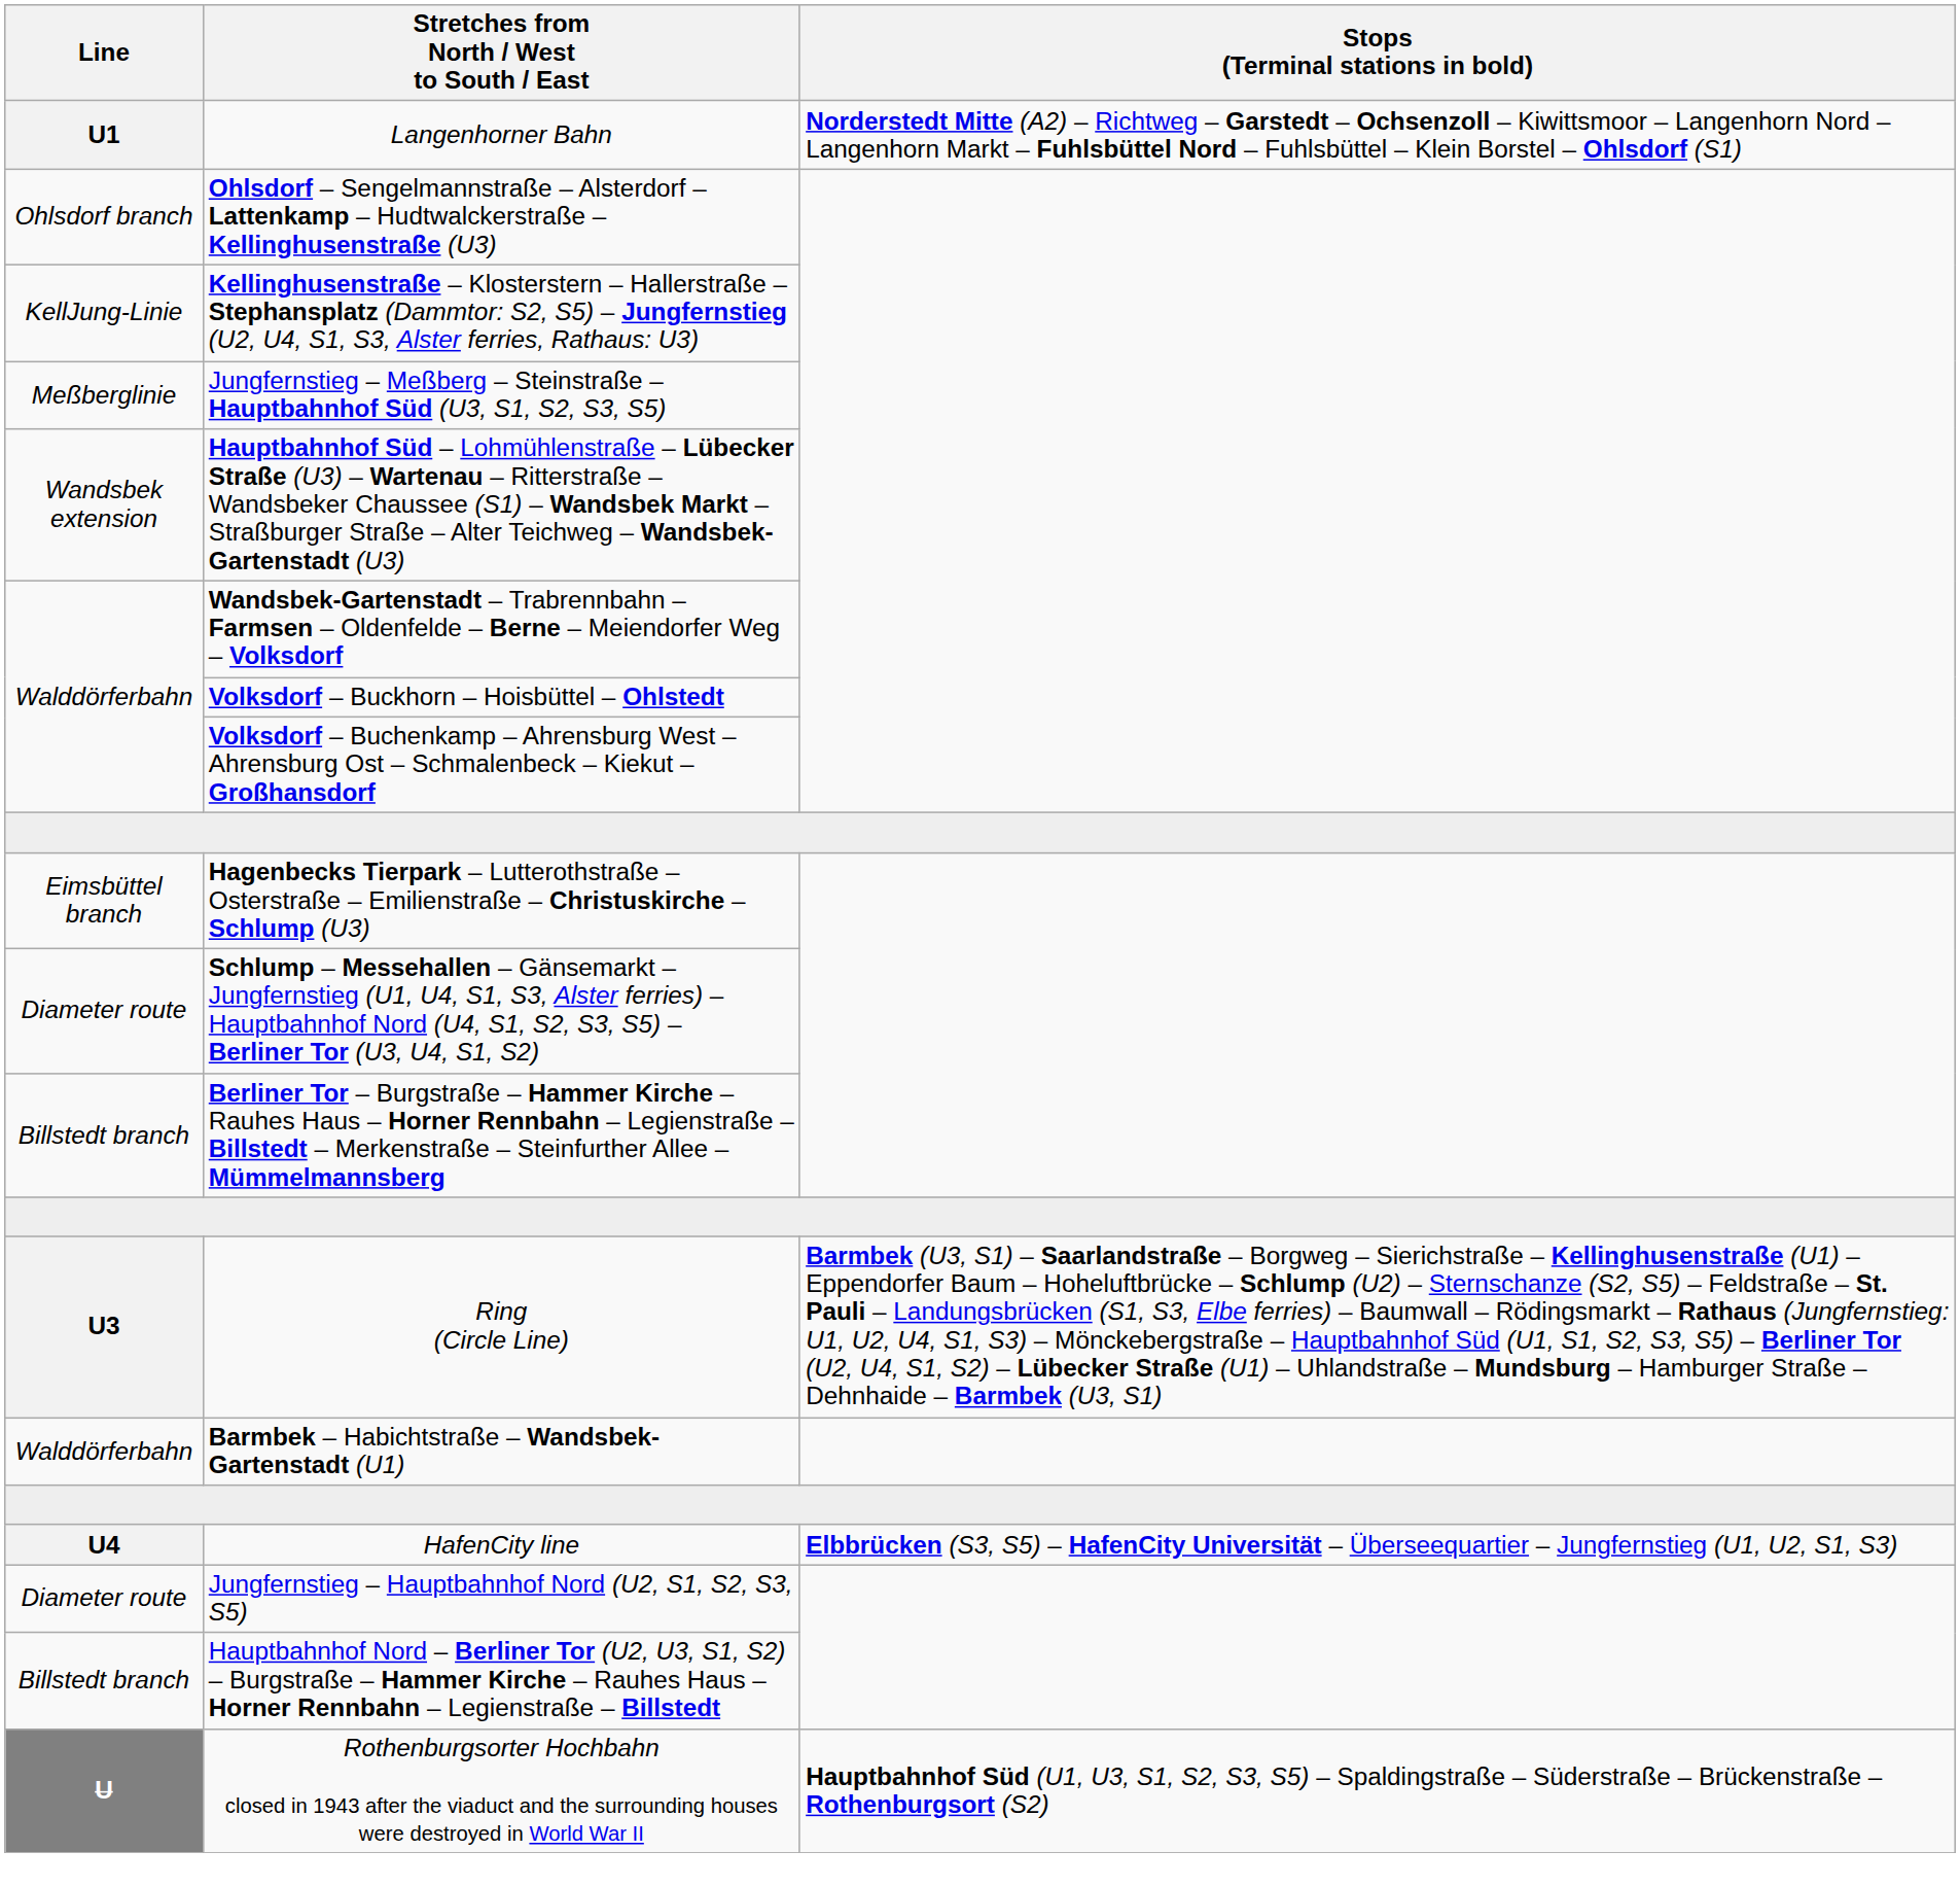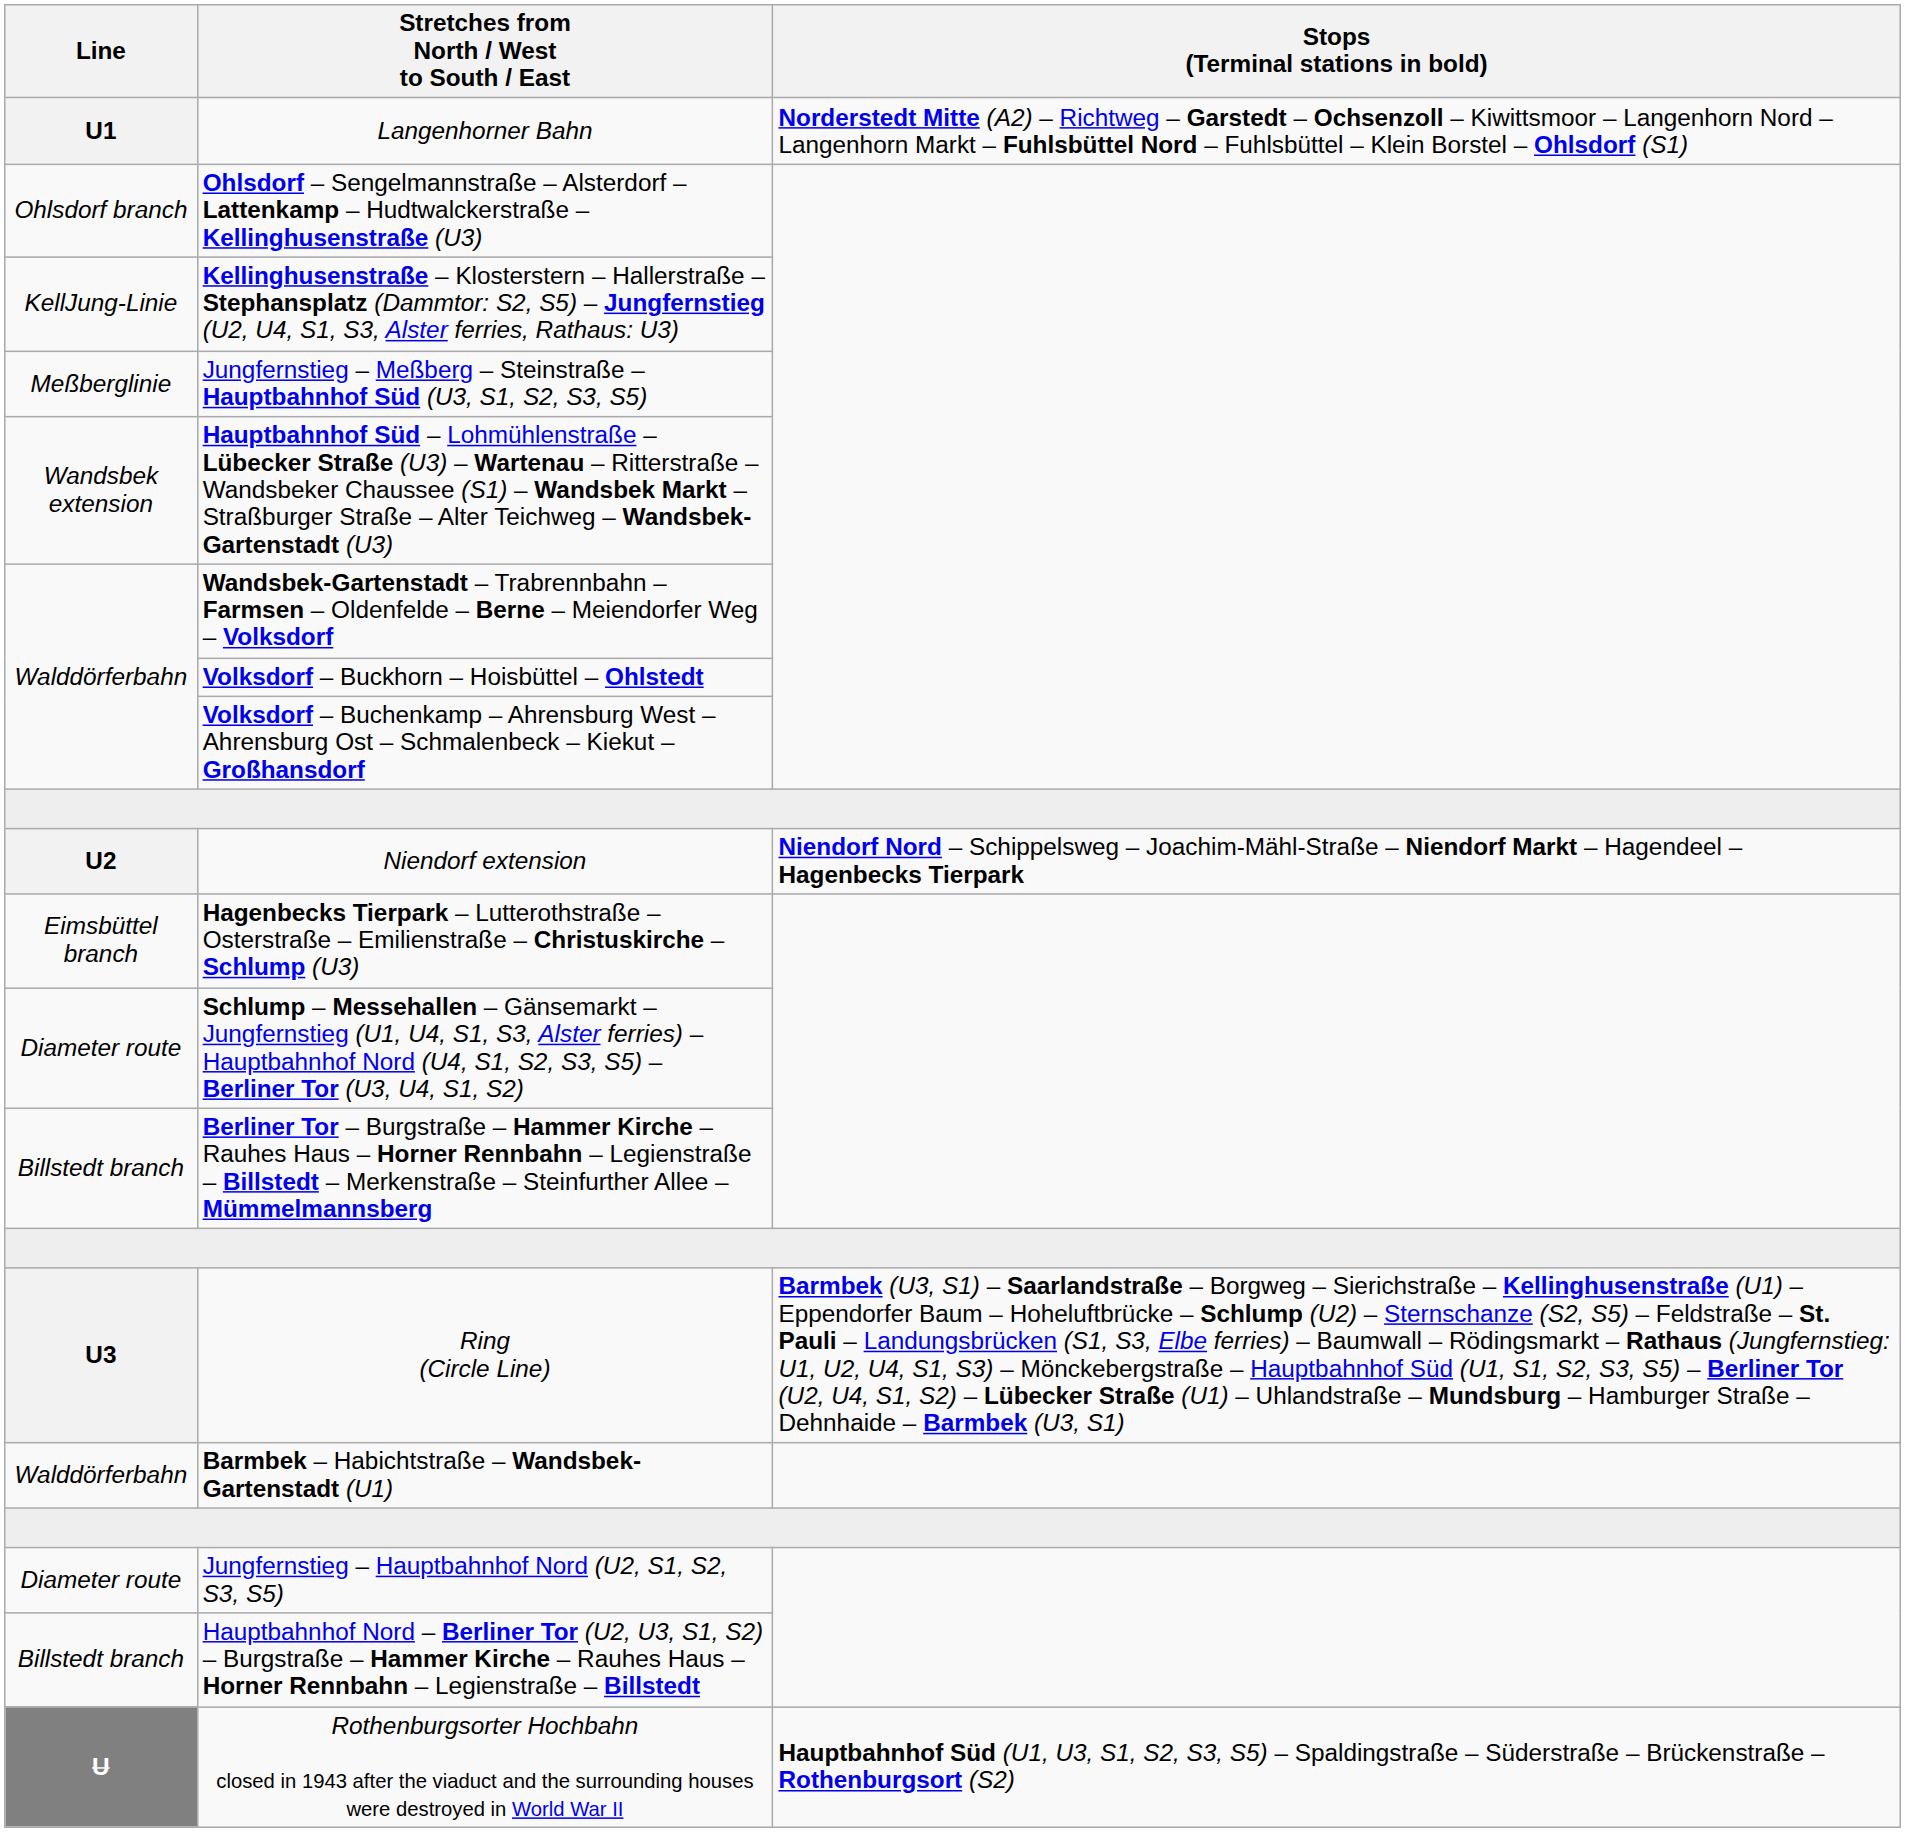 <table class="wikitable" cols="3" cellspacing="0">
 <tr>
 <th bgcolor="#EEEEEE">Line</th>
 <th bgcolor="#EEEEEE">Stretches from <br> North / West<br> to South / East</th>
 <th bgcolor="#EEEEEE">Stops <br>(Terminal stations in bold)</th>
 </tr>
 <tr>
 <th style="background-color:#">U1</th>
 <td align="center"><em>Langenhorner Bahn</em></td>
 <td><strong><a href='#'>Norderstedt Mitte</a></strong> <em>(A2)</em> – <a href='#'>Richtweg</a> – <strong>Garstedt</strong> – <strong>Ochsenzoll</strong> – Kiwittsmoor – Langenhorn Nord – Langenhorn Markt – <strong>Fuhlsbüttel Nord</strong> – Fuhlsbüttel – Klein Borstel – <strong><a href='#'>Ohlsdorf</a></strong> <em>(S1)</em></td>
 </tr>
 <tr>
 <td align="center"><em>Ohlsdorf branch</em></td>
 <td><strong><a href='#'>Ohlsdorf</a></strong> – Sengelmannstraße – Alsterdorf – <strong>Lattenkamp</strong> – Hudtwalckerstraße – <strong><a href='#'>Kellinghusenstraße</a></strong> <em>(U3)</em></td>
 </tr>
 <tr>
 <td align="center"><em>KellJung-Linie</em></td>
 <td><strong><a href='#'>Kellinghusenstraße</a></strong> – Klosterstern – Hallerstraße – <strong>Stephansplatz</strong> <em>(Dammtor: S2, S5)</em> – <strong><a href='#'>Jungfernstieg</a></strong> <em>(U2, U4, S1, S3, <a href='#'>Alster</a> ferries, Rathaus: U3)</em></td>
 </tr>
 <tr>
 <td align="center"><em>Meßberglinie</em></td>
 <td><a href='#'>Jungfernstieg</a> – <a href='#'>Meßberg</a> – Steinstraße – <strong><a href='#'>Hauptbahnhof Süd</a></strong> <em>(U3, S1, S2, S3, S5)</em></td>
 </tr>
 <tr>
 <td align="center"><em>Wandsbek extension</em></td>
 <td><strong><a href='#'>Hauptbahnhof Süd</a></strong> – <a href='#'>Lohmühlenstraße</a> – <strong>Lübecker Straße</strong> <em>(U3)</em> – <strong>Wartenau</strong> – Ritterstraße – Wandsbeker Chaussee <em>(S1)</em> – <strong>Wandsbek Markt</strong> – Straßburger Straße – Alter Teichweg – <strong>Wandsbek-Gartenstadt</strong> <em>(U3)</em></td>
 </tr>
 <tr>
 <td align="center" rowspan="3"><em>Walddörferbahn</em></td>
 <td><strong>Wandsbek-Gartenstadt</strong> – Trabrennbahn – <strong>Farmsen</strong> – Oldenfelde – <strong>Berne</strong> – Meiendorfer Weg – <strong><a href='#'>Volksdorf</a></strong></td>
 </tr>
 <tr>
 <td><strong><a href='#'>Volksdorf</a></strong> – Buckhorn – Hoisbüttel – <strong><a href='#'>Ohlstedt</a></strong></td>
 </tr>
 <tr>
 <td><strong><a href='#'>Volksdorf</a></strong> – Buchenkamp – Ahrensburg West – Ahrensburg Ost – Schmalenbeck – Kiekut – <strong><a href='#'>Großhansdorf</a></strong></td>
 </tr>
 <tr>
 <td colspan="3" bgcolor="#EEEEEE" align="center" style="color:white"> </td>
 </tr>
 <tr>
+<th style="background-color:#">U2</th>
+<td align="center"><em>Niendorf extension</em></td>
+<td><strong><a href='#'>Niendorf Nord</a></strong> – Schippelsweg – Joachim-Mähl-Straße – <strong>Niendorf Markt</strong> – Hagendeel – <strong>Hagenbecks Tierpark</strong></td>
+</tr>
+<tr>
 <td align="center"><em>Eimsbüttel branch</em></td>
 <td><strong>Hagenbecks Tierpark</strong> – Lutterothstraße – Osterstraße – Emilienstraße – <strong>Christuskirche</strong> – <strong><a href='#'>Schlump</a></strong> <em>(U3)</em></td>
 </tr>
 <tr>
 <td align="center"><em>Diameter route</em></td>
 <td><strong>Schlump</strong> – <strong>Messehallen</strong> – Gänsemarkt – <a href='#'>Jungfernstieg</a> <em>(U1, U4, S1, S3, <a href='#'>Alster</a> ferries)</em> – <a href='#'>Hauptbahnhof Nord</a> <em>(U4, S1, S2, S3, S5)</em> – <strong><a href='#'>Berliner Tor</a></strong> <em>(U3, U4, S1, S2)</em></td>
 </tr>
 <tr>
 <td align="center"><em>Billstedt branch</em></td>
 <td><strong><a href='#'>Berliner Tor</a></strong> – Burgstraße – <strong>Hammer Kirche</strong> – Rauhes Haus – <strong>Horner Rennbahn</strong> – Legienstraße – <strong><a href='#'>Billstedt</a></strong> – Merkenstraße – Steinfurther Allee – <strong><a href='#'>Mümmelmannsberg</a></strong></td>
 </tr>
 <tr>
 <td colspan="3" bgcolor="#EEEEEE" align="center" style="color:white"> </td>
 </tr>
 <tr>
 <th style="background-color:#">U3</th>
 <td align="center"><em>Ring <br>(Circle Line)</em></td>
 <td><strong><a href='#'>Barmbek</a></strong> <em>(U3, S1)</em> – <strong>Saarlandstraße</strong> – Borgweg – Sierichstraße – <strong><a href='#'>Kellinghusenstraße</a></strong> <em>(U1)</em> – Eppendorfer Baum – Hoheluftbrücke – <strong>Schlump</strong> <em>(U2)</em> – <a href='#'>Sternschanze</a> <em>(S2, S5)</em> – Feldstraße – <strong>St. Pauli</strong> – <a href='#'>Landungsbrücken</a> <em>(S1, S3, <a href='#'>Elbe</a> ferries)</em> – Baumwall – Rödingsmarkt – <strong>Rathaus</strong> <em>(Jungfernstieg: U1, U2, U4, S1, S3)</em> – Mönckebergstraße – <a href='#'>Hauptbahnhof Süd</a> <em>(U1, S1, S2, S3, S5)</em> – <strong><a href='#'>Berliner Tor</a></strong> <em>(U2, U4, S1, S2)</em> – <strong>Lübecker Straße</strong> <em>(U1)</em> – Uhlandstraße – <strong>Mundsburg</strong> – Hamburger Straße – Dehnhaide – <strong><a href='#'>Barmbek</a></strong> <em>(U3, S1)</em></td>
 </tr>
 <tr>
 <td align="center"><em>Walddörferbahn</em></td>
 <td><strong>Barmbek</strong> – Habichtstraße – <strong>Wandsbek-Gartenstadt</strong> <em>(U1)</em></td>
 </tr>
 <tr>
 <td colspan="3" bgcolor="#EEEEEE" align="center" style="color:white"> </td>
 </tr>
 <tr>
-<th style="background-color:#">U4</th>
-<td align="center"><em>HafenCity line</em></td>
-<td><strong><a href='#'>Elbbrücken</a></strong> <em>(S3, S5)</em> – <strong><a href='#'>HafenCity Universität</a></strong> – <a href='#'>Überseequartier</a> – <a href='#'>Jungfernstieg</a> <em>(U1, U2, S1, S3)</em></td>
-</tr>
-<tr>
 <td align="center"><em>Diameter route</em></td>
 <td><a href='#'>Jungfernstieg</a> – <a href='#'>Hauptbahnhof Nord</a> <em>(U2, S1, S2, S3, S5)</em></td>
 </tr>
 <tr>
 <td align="center"><em>Billstedt branch</em></td>
 <td><a href='#'>Hauptbahnhof Nord</a> – <strong><a href='#'>Berliner Tor</a></strong> <em>(U2, U3, S1, S2)</em> – Burgstraße – <strong>Hammer Kirche</strong> – Rauhes Haus – <strong>Horner Rennbahn</strong> – Legienstraße – <strong><a href='#'>Billstedt</a></strong></td>
 </tr>
 <tr>
 <th style="background-color:grey;text-align:center;font-weight:bold;color:white;" rowspan="1"><s>U</s></th>
 <td align="center"><em>Rothenburgsorter Hochbahn</em><br><br><small>closed in 1943 after the viaduct and the surrounding houses were destroyed in <a href='#'>World War II</a></small></td>
 <td><strong>Hauptbahnhof Süd</strong> <em>(U1, U3, S1, S2, S3, S5)</em> – Spaldingstraße – Süderstraße – Brückenstraße – <strong><a href='#'>Rothenburgsort</a></strong> <em>(S2)</em></td>
 </tr>
 </table>
